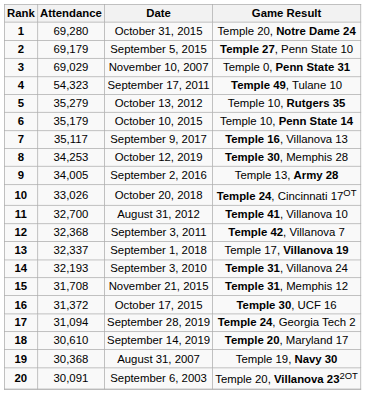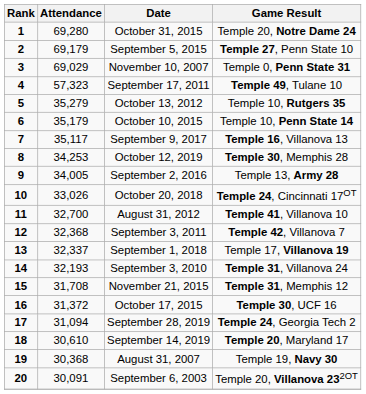 <table class="wikitable">
 <tr>
 <th>Rank</th>
 <th>Attendance</th>
 <th>Date</th>
 <th>Game Result</th>
 </tr>
 <tr align="center">
 <td><strong>1</strong></td>
 <td>69,280</td>
 <td>October 31, 2015</td>
 <td> Temple 20, <strong> Notre Dame 24</strong></td>
 </tr>
 <tr align="center">
 <td><strong>2</strong></td>
 <td>69,179</td>
 <td>September 5, 2015</td>
 <td><strong>Temple 27</strong>, Penn State 10</td>
 </tr>
 <tr align="center">
 <td><strong>3</strong></td>
 <td>69,029</td>
 <td>November 10, 2007</td>
 <td>Temple 0, <strong> Penn State 31</strong></td>
 </tr>
 <tr align="center">
 <td><strong>4</strong></td>
-<td>54,323</td>
+<td>57,323</td>
 <td>September 17, 2011</td>
 <td><strong>Temple 49</strong>, Tulane 10</td>
 </tr>
 <tr align="center">
 <td><strong>5</strong></td>
 <td>35,279</td>
 <td>October 13, 2012</td>
 <td>Temple 10, <strong> Rutgers 35</strong></td>
 </tr>
 <tr align="center">
 <td><strong>6</strong></td>
 <td>35,179</td>
 <td>October 10, 2015</td>
 <td>Temple 10, <strong>Penn State 14</strong></td>
 </tr>
 <tr align="center">
 <td><strong>7</strong></td>
 <td>35,117</td>
 <td>September 9, 2017</td>
 <td><strong>Temple 16</strong>, Villanova 13</td>
 </tr>
 <tr align="center">
 <td><strong>8</strong></td>
 <td>34,253</td>
 <td>October 12, 2019</td>
 <td><strong>Temple 30</strong>,  Memphis 28</td>
 </tr>
 <tr align="center">
 <td><strong>9</strong></td>
 <td>34,005</td>
 <td>September 2, 2016</td>
 <td>Temple 13, <strong>Army 28</strong></td>
 </tr>
 <tr align="center">
 <td><strong>10</strong></td>
 <td>33,026</td>
 <td>October 20, 2018</td>
 <td><strong>Temple 24</strong>,  Cincinnati 17<sup>OT</sup></td>
 </tr>
 <tr align="center">
 <td><strong>11</strong></td>
 <td>32,700</td>
 <td>August 31, 2012</td>
 <td><strong>Temple 41</strong>, Villanova 10</td>
 </tr>
 <tr align="center">
 <td><strong>12</strong></td>
 <td>32,368</td>
 <td>September 3, 2011</td>
 <td><strong>Temple 42</strong>, Villanova 7</td>
 </tr>
 <tr align="center">
 <td><strong>13</strong></td>
 <td>32,337</td>
 <td>September 1, 2018</td>
 <td>Temple 17, <strong>Villanova 19</strong></td>
 </tr>
 <tr align="center">
 <td><strong>14</strong></td>
 <td>32,193</td>
 <td>September 3, 2010</td>
 <td><strong>Temple 31</strong>, Villanova 24</td>
 </tr>
 <tr align="center">
 <td><strong>15</strong></td>
 <td>31,708</td>
 <td>November 21, 2015</td>
 <td><strong>Temple 31</strong>, Memphis 12</td>
 </tr>
 <tr align="center">
 <td><strong>16</strong></td>
 <td>31,372</td>
 <td>October 17, 2015</td>
 <td><strong>Temple 30</strong>, UCF 16</td>
 </tr>
 <tr align="center">
 <td><strong>17</strong></td>
 <td>31,094</td>
 <td>September 28, 2019</td>
 <td><strong>Temple 24</strong>, Georgia Tech 2</td>
 </tr>
 <tr align="center">
 <td><strong>18</strong></td>
 <td>30,610</td>
 <td>September 14, 2019</td>
 <td><strong>Temple 20</strong>,  Maryland 17</td>
 </tr>
 <tr align="center">
 <td><strong>19</strong></td>
 <td>30,368</td>
 <td>August 31, 2007</td>
 <td>Temple 19, <strong>Navy 30</strong></td>
 </tr>
 <tr align="center">
 <td><strong>20</strong></td>
 <td>30,091</td>
 <td>September 6, 2003</td>
 <td>Temple 20, <strong>Villanova 23</strong><sup>2OT</sup></td>
 </tr>
 <tr>
 </tr>
 </table>
